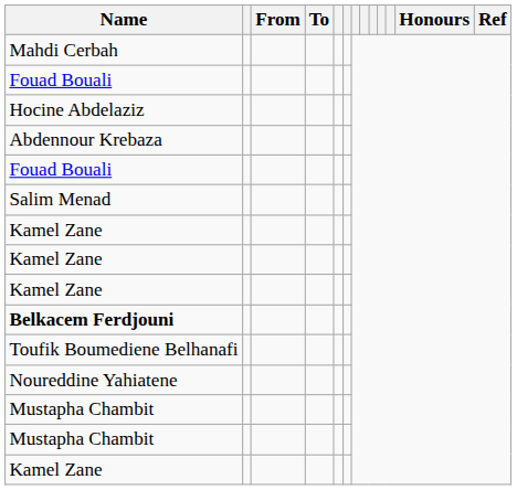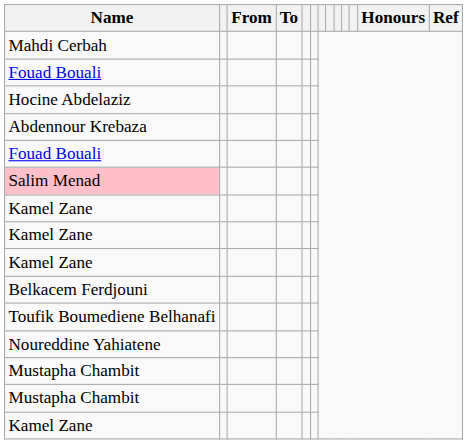 <table class="sortable wikitable" style="text-align: center;">
 <tr>
 <th>Name</th>
 <th></th>
 <th>From</th>
 <th class="unsortable">To</th>
 <th></th>
 <th></th>
 <th></th>
 <th></th>
 <th></th>
 <th></th>
 <th></th>
 <th class="unsortable">Honours</th>
 <th class="unsortable">Ref</th>
 </tr>
 <tr>
 <td align=left>Mahdi Cerbah</td>
 <td align=center></td>
 <td align=left></td>
 <td align=left><br></td>
 <td align=left></td>
 <td></td>
 </tr>
 <tr>
 <td align=left><a href='#'>Fouad Bouali</a></td>
 <td align=center></td>
 <td align=left></td>
 <td align=left><br></td>
 <td align=left></td>
 <td></td>
 </tr>
 <tr>
 <td align=left>Hocine Abdelaziz</td>
 <td align=center></td>
 <td align=left></td>
 <td align=left><br></td>
 <td align=left></td>
 <td></td>
 </tr>
 <tr>
 <td align=left>Abdennour Krebaza</td>
 <td align=center></td>
 <td align=left></td>
 <td align=left><br></td>
 <td align=left></td>
 <td></td>
 </tr>
 <tr>
 <td align=left><a href='#'>Fouad Bouali</a></td>
 <td align=center></td>
 <td align=left></td>
 <td align=left><br></td>
 <td align=left></td>
 <td></td>
 </tr>
 <tr>
-<td align=left>Salim Menad</td>
+<td align=left style="background: pink;">Salim Menad</td>
 <td align=center></td>
 <td align=left></td>
 <td align=left><br></td>
 <td align=left></td>
 <td></td>
 </tr>
 <tr>
 <td align=left>Kamel Zane</td>
 <td align=center></td>
 <td align=left></td>
 <td align=left><br></td>
 <td align=left></td>
 <td></td>
 </tr>
 <tr>
 <td align=left>Kamel Zane</td>
 <td align=center></td>
 <td align=left></td>
 <td align=left><br></td>
 <td align=left></td>
 <td></td>
 </tr>
 <tr>
 <td align=left>Kamel Zane</td>
 <td align=center></td>
 <td align=left></td>
 <td align=left><br></td>
 <td align=left></td>
 <td></td>
 </tr>
 <tr>
-<td align=left><strong>Belkacem Ferdjouni</strong></td>
+<td align=left>Belkacem Ferdjouni</td>
 <td align=center></td>
 <td align=left></td>
 <td align=left><br></td>
 <td align=left></td>
 <td></td>
 </tr>
 <tr>
 <td align=left>Toufik Boumediene Belhanafi</td>
 <td align=center></td>
 <td align=left></td>
 <td align=left><br></td>
 <td align=left></td>
 <td></td>
 </tr>
 <tr>
 <td align=left>Noureddine Yahiatene</td>
 <td align=center></td>
 <td align=left></td>
 <td align=left><br></td>
 <td align=left></td>
 <td></td>
 </tr>
 <tr>
 <td align=left>Mustapha Chambit</td>
 <td align=center></td>
 <td align=left></td>
 <td align=left><br></td>
 <td align=left></td>
 <td></td>
 </tr>
 <tr>
 <td align=left>Mustapha Chambit</td>
 <td align=center></td>
 <td align=left></td>
 <td align=left><br></td>
 <td align=left></td>
 <td></td>
 </tr>
 <tr>
 <td align=left>Kamel Zane</td>
 <td align=center></td>
 <td align=left></td>
 <td align=left><br></td>
 <td align=left></td>
 <td></td>
 </tr>
 </table>
